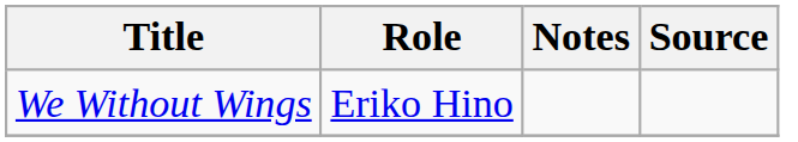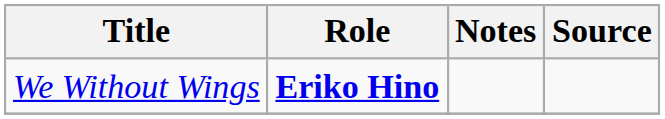 <table class="wikitable sortable plainrowheaders">
 <tr>
 <th>Title</th>
 <th>Role</th>
 <th class="unsortable">Notes</th>
 <th class="unsortable">Source</th>
 </tr>
 <tr>
 <td><em><a href='#'>We Without Wings</a></em></td>
-<td><a href='#'>Eriko Hino</a></td>
+<td><strong><a href='#'>Eriko Hino</a></strong></td>
 <td></td>
 <td></td>
 </tr>
 <tr>
 </tr>
 </table>
